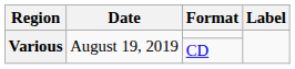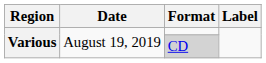 <table class="wikitable plainrowheaders">
 <tr>
 <th>Region</th>
 <th>Date</th>
 <th>Format</th>
 <th>Label</th>
 </tr>
 <tr>
 <th scope="row" rowspan="2">Various</th>
 <td rowspan="2">August 19, 2019</td>
 <td></td>
 <td rowspan="2"></td>
 </tr>
 <tr>
-<td><a href='#'>CD</a></td>
+<td style="background: lightgrey;"><a href='#'>CD</a></td>
 </tr>
 </table>
